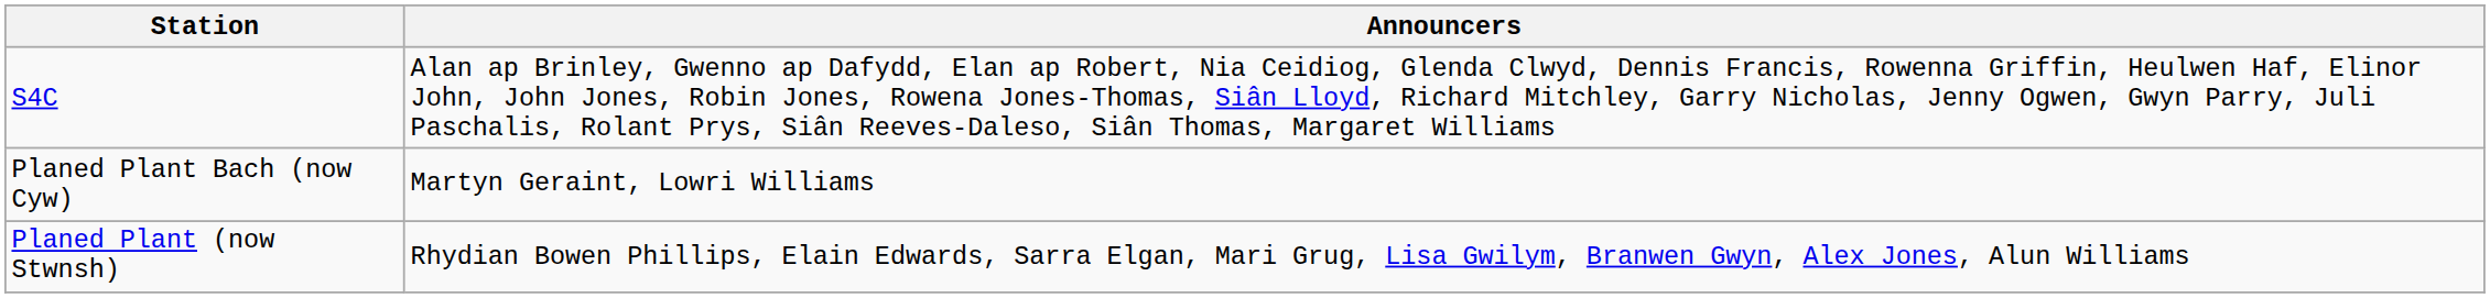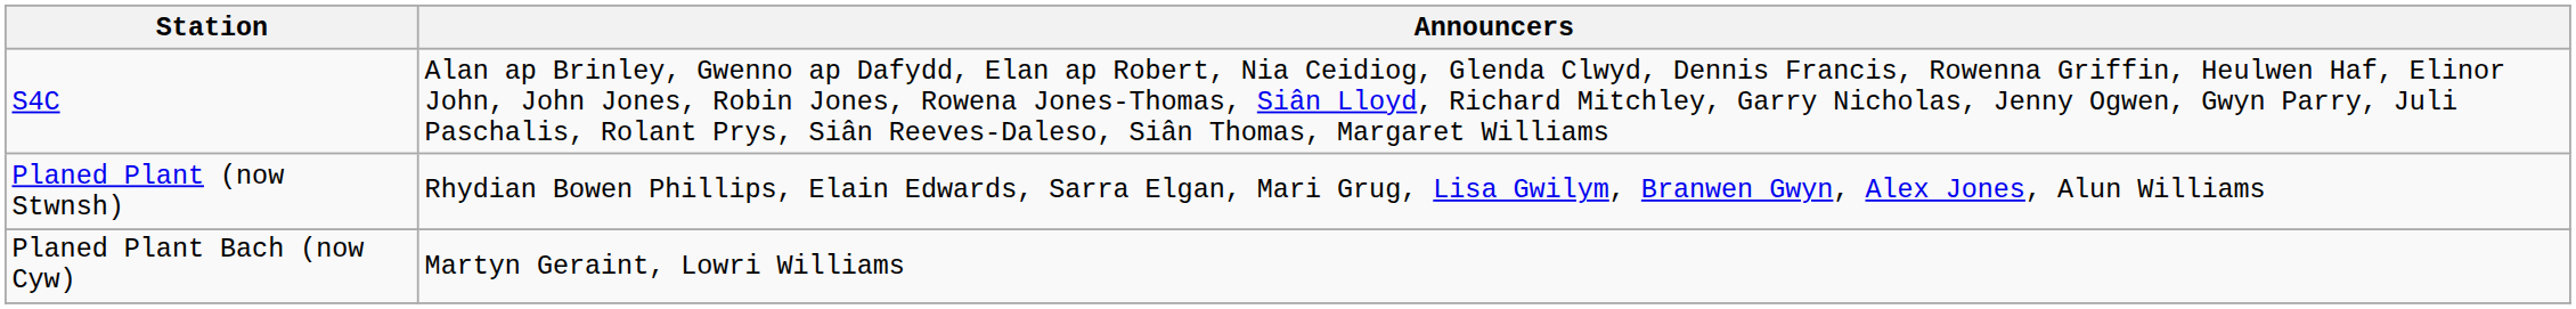 <table class="wikitable">
 <tr>
 <th style="width:15em">Station</th>
 <th>Announcers</th>
 </tr>
 <tr>
 <td><a href='#'>S4C</a></td>
 <td>Alan ap Brinley, Gwenno ap Dafydd, Elan ap Robert, Nia Ceidiog, Glenda Clwyd, Dennis Francis, Rowenna Griffin, Heulwen Haf, Elinor John, John Jones, Robin Jones, Rowena Jones-Thomas, <a href='#'>Siân Lloyd</a>, Richard Mitchley, Garry Nicholas, Jenny Ogwen, Gwyn Parry, Juli Paschalis, Rolant Prys, Siân Reeves-Daleso, Siân Thomas, Margaret Williams</td>
 </tr>
 <tr>
+<td><a href='#'>Planed Plant</a> (now Stwnsh)</td>
+<td>Rhydian Bowen Phillips, Elain Edwards, Sarra Elgan, Mari Grug, <a href='#'>Lisa Gwilym</a>, <a href='#'>Branwen Gwyn</a>, <a href='#'>Alex Jones</a>, Alun Williams</td>
+</tr>
+<tr>
 <td>Planed Plant Bach (now Cyw)</td>
 <td>Martyn Geraint, Lowri Williams</td>
 </tr>
-<tr>
-<td><a href='#'>Planed Plant</a> (now Stwnsh)</td>
-<td>Rhydian Bowen Phillips, Elain Edwards, Sarra Elgan, Mari Grug, <a href='#'>Lisa Gwilym</a>, <a href='#'>Branwen Gwyn</a>, <a href='#'>Alex Jones</a>, Alun Williams</td>
-</tr>
 </table>
